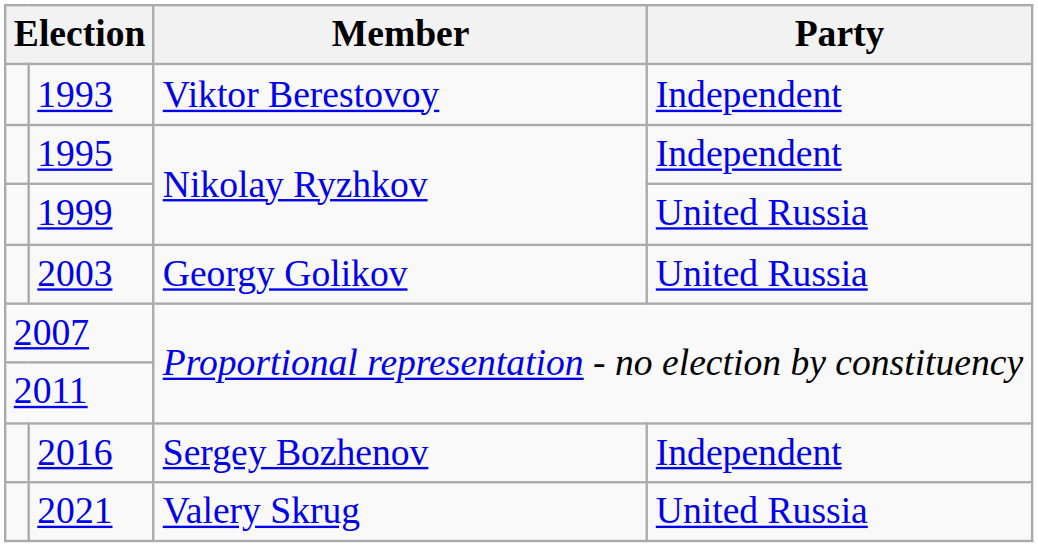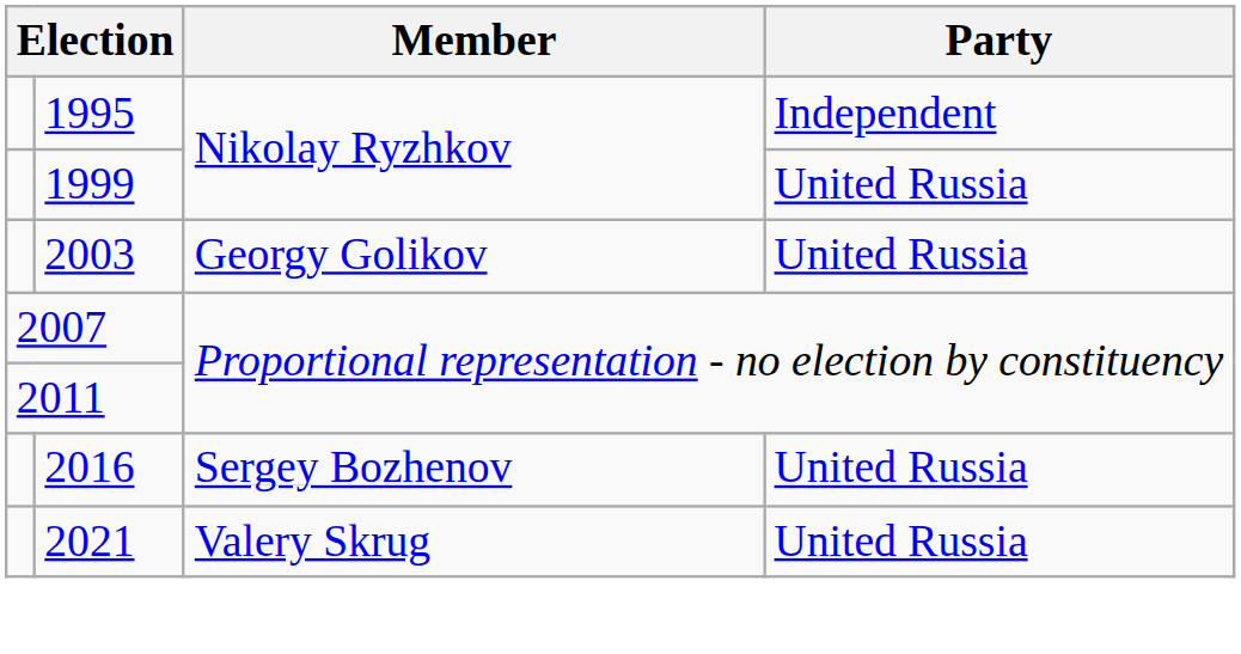 <table class="wikitable">
 <tr>
 <th colspan="2">Election</th>
 <th>Member</th>
 <th>Party</th>
-</tr>
-<tr>
-<td style="background-color:"></td>
-<td><a href='#'>1993</a></td>
-<td><a href='#'>Viktor Berestovoy</a></td>
-<td><a href='#'>Independent</a></td>
 </tr>
 <tr>
 <td style="background-color:"></td>
 <td><a href='#'>1995</a></td>
 <td rowspan=2><a href='#'>Nikolay Ryzhkov</a></td>
 <td><a href='#'>Independent</a></td>
 </tr>
 <tr>
 <td style="background-color:"></td>
 <td><a href='#'>1999</a></td>
 <td><a href='#'>United Russia</a></td>
 </tr>
 <tr>
 <td style="background-color:"></td>
 <td><a href='#'>2003</a></td>
 <td><a href='#'>Georgy Golikov</a></td>
 <td><a href='#'>United Russia</a></td>
 </tr>
 <tr>
 <td colspan=2><a href='#'>2007</a></td>
 <td colspan=2 rowspan=2><em><a href='#'>Proportional representation</a> - no election by constituency</em></td>
 </tr>
 <tr>
 <td colspan=2><a href='#'>2011</a></td>
 </tr>
 <tr>
 <td style="background-color: "></td>
 <td><a href='#'>2016</a></td>
 <td><a href='#'>Sergey Bozhenov</a></td>
-<td><a href='#'>Independent</a></td>
+<td><a href='#'>United Russia</a></td>
 </tr>
 <tr>
 <td style="background-color: "></td>
 <td><a href='#'>2021</a></td>
 <td><a href='#'>Valery Skrug</a></td>
 <td><a href='#'>United Russia</a></td>
 </tr>
 </table>
